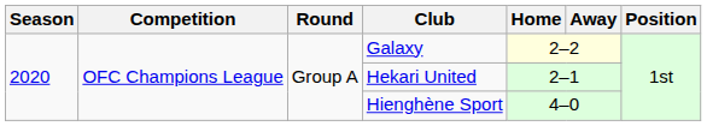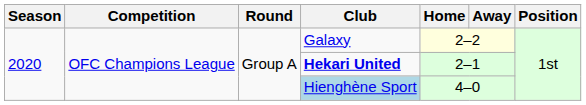 <table class="wikitable">
 <tr>
 <th>Season</th>
 <th>Competition</th>
 <th>Round</th>
 <th>Club</th>
 <th>Home</th>
 <th>Away</th>
 <th>Position</th>
 </tr>
 <tr>
 <td rowspan="3"><a href='#'>2020</a></td>
 <td rowspan="3"><a href='#'>OFC Champions League</a></td>
 <td rowspan="3">Group A</td>
 <td> <a href='#'>Galaxy</a></td>
 <td colspan=2; style="text-align:center; background:#ffd;">2–2</td>
 <td rowspan=3; style="text-align:center; background:#dfd;">1st</td>
 </tr>
 <tr>
-<td> <a href='#'>Hekari United</a></td>
+<td><strong> <a href='#'>Hekari United</a></strong></td>
 <td colspan=2; style="text-align:center; background:#dfd;">2–1</td>
 </tr>
 <tr>
-<td> <a href='#'>Hienghène Sport</a></td>
+<td style="background: lightblue;"> <a href='#'>Hienghène Sport</a></td>
 <td colspan=2; style="text-align:center; background:#dfd;">4–0</td>
 </tr>
 </table>
